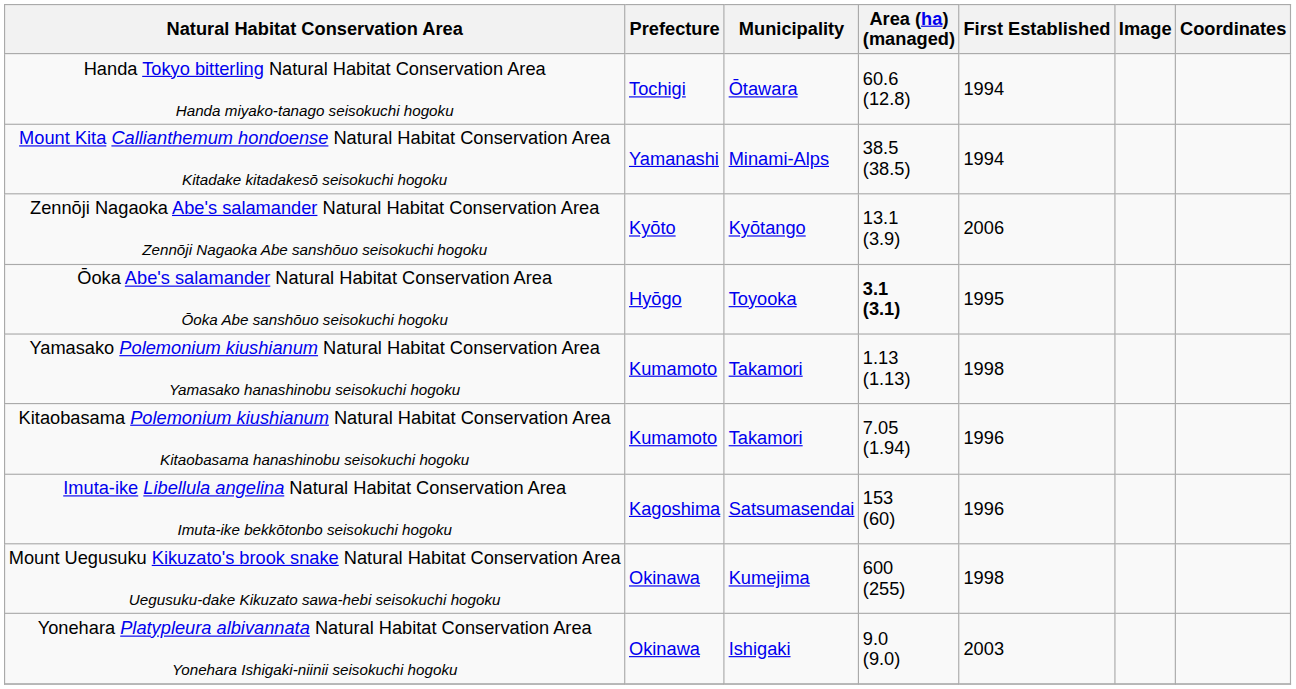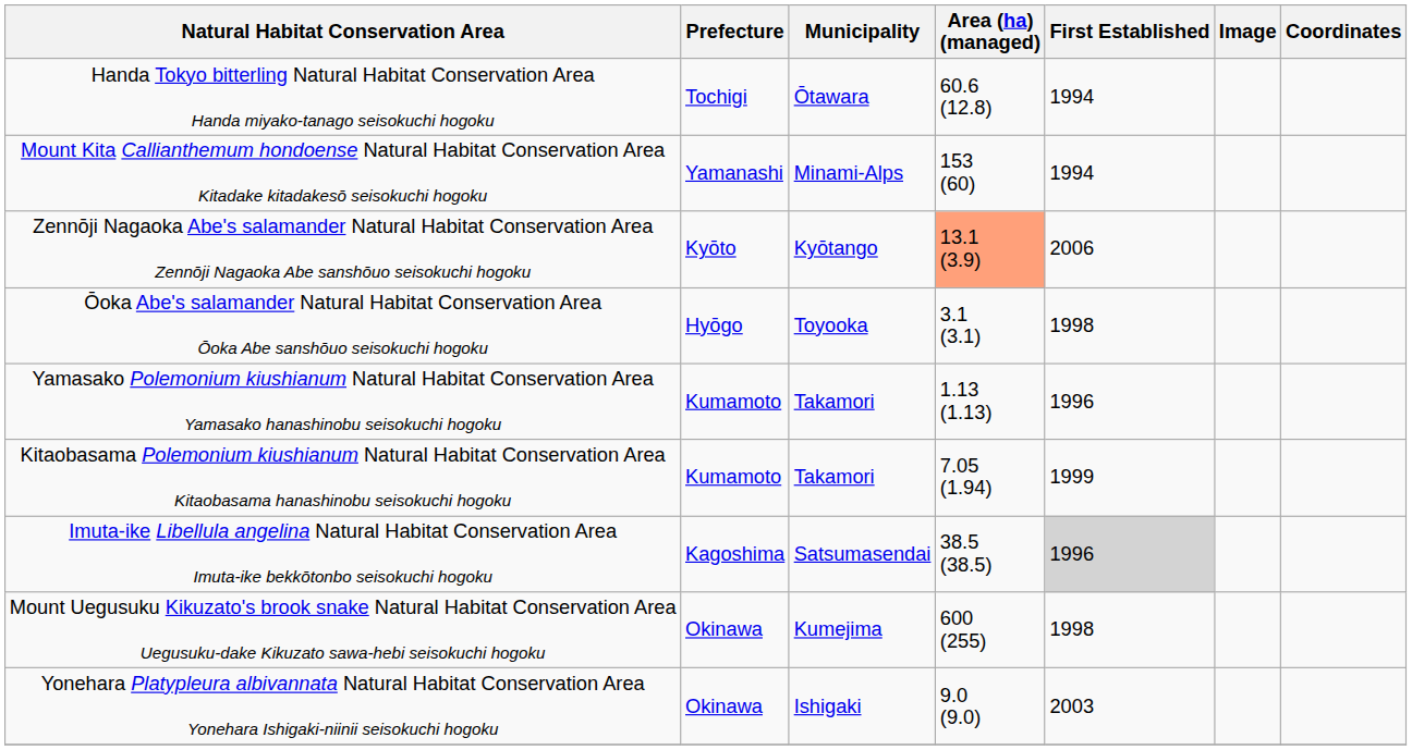 <table class="wikitable sortable">
 <tr>
 <th>Natural Habitat Conservation Area</th>
 <th>Prefecture</th>
 <th>Municipality</th>
 <th>Area (<a href='#'>ha</a>)<br>(managed)</th>
 <th>First Established</th>
 <th class="unsortable">Image</th>
 <th class="unsortable">Coordinates</th>
 </tr>
 <tr>
 <td align="center">Handa <a href='#'>Tokyo bitterling</a> Natural Habitat Conservation Area<br><br><small><em>Handa miyako-tanago seisokuchi hogoku</em></small></td>
 <td><a href='#'>Tochigi</a></td>
 <td><a href='#'>Ōtawara</a></td>
 <td>60.6<br>(12.8)</td>
 <td>1994</td>
 <td></td>
 <td></td>
 </tr>
 <tr>
 <td align="center"><a href='#'>Mount Kita</a> <em><a href='#'>Callianthemum hondoense</a></em> Natural Habitat Conservation Area<br><br><small><em>Kitadake kitadakesō seisokuchi hogoku</em></small></td>
 <td><a href='#'>Yamanashi</a></td>
 <td><a href='#'>Minami-Alps</a></td>
-<td>38.5<br>(38.5)</td>
+<td>153<br>(60)</td>
 <td>1994</td>
 <td></td>
 <td></td>
 </tr>
 <tr>
 <td align="center">Zennōji Nagaoka <a href='#'>Abe's salamander</a> Natural Habitat Conservation Area<br><br><small><em>Zennōji Nagaoka Abe sanshōuo seisokuchi hogoku</em></small></td>
 <td><a href='#'>Kyōto</a></td>
 <td><a href='#'>Kyōtango</a></td>
-<td>13.1<br>(3.9)</td>
+<td style="background: lightsalmon;">13.1<br>(3.9)</td>
 <td>2006</td>
 <td></td>
 <td></td>
 </tr>
 <tr>
 <td align="center">Ōoka <a href='#'>Abe's salamander</a> Natural Habitat Conservation Area<br><br><small><em>Ōoka Abe sanshōuo seisokuchi hogoku</em></small></td>
 <td><a href='#'>Hyōgo</a></td>
 <td><a href='#'>Toyooka</a></td>
-<td><strong>3.1<br>(3.1)</strong></td>
-<td>1995</td>
+<td>3.1<br>(3.1)</td>
+<td>1998</td>
 <td></td>
 <td></td>
 </tr>
 <tr>
 <td align="center">Yamasako <em><a href='#'>Polemonium kiushianum</a></em> Natural Habitat Conservation Area<br><br><small><em>Yamasako hanashinobu seisokuchi hogoku</em></small></td>
 <td><a href='#'>Kumamoto</a></td>
 <td><a href='#'>Takamori</a></td>
 <td>1.13<br>(1.13)</td>
-<td>1998</td>
+<td>1996</td>
 <td></td>
 <td></td>
 </tr>
 <tr>
 <td align="center">Kitaobasama <em><a href='#'>Polemonium kiushianum</a></em> Natural Habitat Conservation Area<br><br><small><em>Kitaobasama hanashinobu seisokuchi hogoku</em></small></td>
 <td><a href='#'>Kumamoto</a></td>
 <td><a href='#'>Takamori</a></td>
 <td>7.05<br>(1.94)</td>
-<td>1996</td>
+<td>1999</td>
 <td></td>
 <td></td>
 </tr>
 <tr>
 <td align="center"><a href='#'>Imuta-ike</a> <em><a href='#'>Libellula angelina</a></em> Natural Habitat Conservation Area<br><br><small><em>Imuta-ike bekkōtonbo seisokuchi hogoku</em></small></td>
 <td><a href='#'>Kagoshima</a></td>
 <td><a href='#'>Satsumasendai</a></td>
-<td>153<br>(60)</td>
-<td>1996</td>
+<td>38.5<br>(38.5)</td>
+<td style="background: lightgrey;">1996</td>
 <td></td>
 <td></td>
 </tr>
 <tr>
 <td align="center">Mount Uegusuku <a href='#'>Kikuzato's brook snake</a> Natural Habitat Conservation Area<br><br><small><em>Uegusuku-dake Kikuzato sawa-hebi seisokuchi hogoku</em></small></td>
 <td><a href='#'>Okinawa</a></td>
 <td><a href='#'>Kumejima</a></td>
 <td>600<br>(255)</td>
 <td>1998</td>
 <td></td>
 <td></td>
 </tr>
 <tr>
 <td align="center">Yonehara <em><a href='#'>Platypleura albivannata</a></em> Natural Habitat Conservation Area<br><br><small><em>Yonehara Ishigaki-niinii seisokuchi hogoku</em></small></td>
 <td><a href='#'>Okinawa</a></td>
 <td><a href='#'>Ishigaki</a></td>
 <td>9.0<br>(9.0)</td>
 <td>2003</td>
 <td></td>
 <td></td>
 </tr>
 <tr>
 </tr>
 </table>
